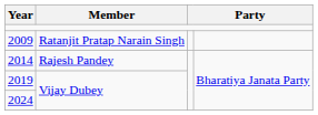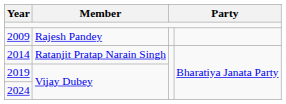 <table class="wikitable sortable">
 <tr>
 <th>Year</th>
 <th>Member</th>
 <th colspan="2">Party</th>
 </tr>
 <tr>
 <td colspan="4"></td>
 </tr>
 <tr>
 <td><a href='#'>2009</a></td>
-<td><a href='#'>Ratanjit Pratap Narain Singh</a></td>
+<td><a href='#'>Rajesh Pandey</a></td>
 <td></td>
 </tr>
 <tr>
 <td><a href='#'>2014</a></td>
-<td><a href='#'>Rajesh Pandey</a></td>
+<td><a href='#'>Ratanjit Pratap Narain Singh</a></td>
 <td rowspan="3" style="background-color: "></td>
 <td rowspan="3"><a href='#'>Bharatiya Janata Party</a></td>
 </tr>
 <tr>
 <td><a href='#'>2019</a></td>
 <td rowspan="2"><a href='#'>Vijay Dubey</a></td>
 </tr>
 <tr>
 <td><a href='#'>2024</a></td>
 </tr>
 </table>
